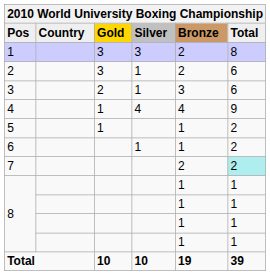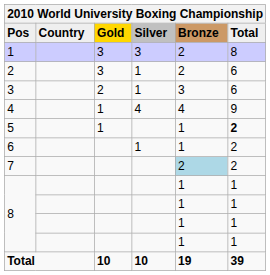 <table class="wikitable">
 <tr bgcolor="#efefef">
 <th colspan=7 style="border-right:0px;";><strong>2010 World University Boxing Championship</strong></th>
 </tr>
 <tr bgcolor="#efefef">
 <td><strong>Pos</strong></td>
 <td><strong>Country</strong></td>
 <td bgcolor="gold"><strong>Gold</strong></td>
 <td bgcolor="silver"><strong>Silver</strong></td>
 <td bgcolor="CC9966"><strong>Bronze</strong></td>
 <td><strong>Total</strong></td>
 </tr>
 <tr style="background:#ccccff">
 <td>1</td>
 <td></td>
 <td>3</td>
 <td>3</td>
 <td>2</td>
 <td>8</td>
 </tr>
 <tr>
 <td>2</td>
 <td></td>
 <td>3</td>
 <td>1</td>
 <td>2</td>
 <td>6</td>
 </tr>
 <tr>
 <td>3</td>
 <td></td>
 <td>2</td>
 <td>1</td>
 <td>3</td>
 <td>6</td>
 </tr>
 <tr>
 <td>4</td>
 <td></td>
 <td>1</td>
 <td>4</td>
 <td>4</td>
 <td>9</td>
 </tr>
 <tr>
 <td>5</td>
 <td></td>
 <td>1</td>
 <td></td>
 <td>1</td>
-<td>2</td>
+<td><strong>2</strong></td>
 </tr>
 <tr>
 <td>6</td>
 <td></td>
 <td></td>
 <td>1</td>
 <td>1</td>
 <td>2</td>
 </tr>
 <tr>
 <td>7</td>
 <td></td>
 <td></td>
 <td></td>
+<td style="background: lightblue;">2</td>
 <td>2</td>
-<td style="background: paleturquoise;">2</td>
 </tr>
 <tr>
 <td rowspan=4>8</td>
 <td></td>
 <td></td>
 <td></td>
 <td>1</td>
 <td>1</td>
 </tr>
 <tr>
 <td></td>
 <td></td>
 <td></td>
 <td>1</td>
 <td>1</td>
 </tr>
 <tr>
 <td></td>
 <td></td>
 <td></td>
 <td>1</td>
 <td>1</td>
 </tr>
 <tr>
 <td></td>
 <td></td>
 <td></td>
 <td>1</td>
 <td>1</td>
 </tr>
 <tr>
 <td colspan=2><strong>Total</strong></td>
 <td><strong>10</strong></td>
 <td><strong>10</strong></td>
 <td><strong>19</strong></td>
 <td><strong>39</strong></td>
 </tr>
 </table>
